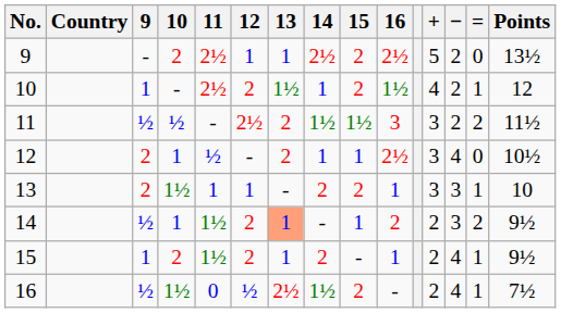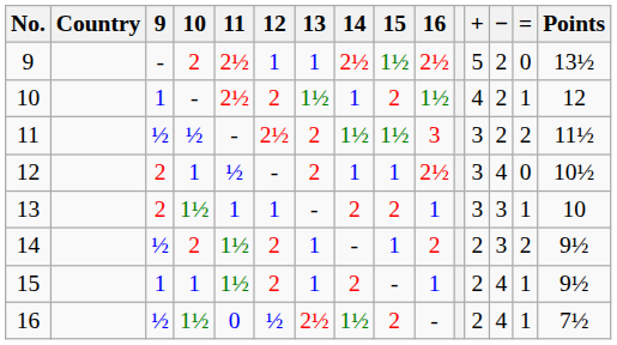 <table class="wikitable" style="text-align:center">
 <tr>
 <th>No.</th>
 <th>Country</th>
 <th>9</th>
 <th>10</th>
 <th>11</th>
 <th>12</th>
 <th>13</th>
 <th>14</th>
 <th>15</th>
 <th>16</th>
 <th></th>
 <th>+</th>
 <th>−</th>
 <th>=</th>
 <th>Points</th>
 </tr>
 <tr>
 <td>9</td>
 <td style="text-align: left"></td>
 <td>-</td>
 <td style="color:red;">2</td>
 <td style="color:red;">2½</td>
 <td style="color:blue;">1</td>
 <td style="color:blue;">1</td>
 <td style="color:red;">2½</td>
-<td style="color:red;">2</td>
+<td style="color:green;">1½</td>
 <td style="color:red;">2½</td>
 <th></th>
 <td>5</td>
 <td>2</td>
 <td>0</td>
 <td>13½</td>
 </tr>
 <tr>
 <td>10</td>
 <td style="text-align: left"></td>
 <td style="color:blue;">1</td>
 <td>-</td>
 <td style="color:red;">2½</td>
 <td style="color:red;">2</td>
 <td style="color:green;">1½</td>
 <td style="color:blue;">1</td>
 <td style="color:red;">2</td>
 <td style="color:green;">1½</td>
 <th></th>
 <td>4</td>
 <td>2</td>
 <td>1</td>
 <td>12</td>
 </tr>
 <tr>
 <td>11</td>
 <td style="text-align: left"></td>
 <td style="color:blue;">½</td>
 <td style="color:blue;">½</td>
 <td>-</td>
 <td style="color:red;">2½</td>
 <td style="color:red;">2</td>
 <td style="color:green;">1½</td>
 <td style="color:green;">1½</td>
 <td style="color:red;">3</td>
 <th></th>
 <td>3</td>
 <td>2</td>
 <td>2</td>
 <td>11½</td>
 </tr>
 <tr>
 <td>12</td>
 <td style="text-align: left"></td>
 <td style="color:red;">2</td>
 <td style="color:blue;">1</td>
 <td style="color:blue;">½</td>
 <td>-</td>
 <td style="color:red;">2</td>
 <td style="color:blue;">1</td>
 <td style="color:blue;">1</td>
 <td style="color:red;">2½</td>
 <th></th>
 <td>3</td>
 <td>4</td>
 <td>0</td>
 <td>10½</td>
 </tr>
 <tr>
 <td>13</td>
 <td style="text-align: left"></td>
 <td style="color:red;">2</td>
 <td style="color:green;">1½</td>
 <td style="color:blue;">1</td>
 <td style="color:blue;">1</td>
 <td>-</td>
 <td style="color:red;">2</td>
 <td style="color:red;">2</td>
 <td style="color:blue;">1</td>
 <th></th>
 <td>3</td>
 <td>3</td>
 <td>1</td>
 <td>10</td>
 </tr>
 <tr>
 <td>14</td>
 <td style="text-align: left"></td>
 <td style="color:blue;">½</td>
-<td style="color:blue;">1</td>
+<td style="color:red;">2</td>
 <td style="color:green;">1½</td>
 <td style="color:red;">2</td>
-<td style="background: lightsalmon; color:blue;">1</td>
+<td style="color:blue;">1</td>
 <td>-</td>
 <td style="color:blue;">1</td>
 <td style="color:red;">2</td>
 <th></th>
 <td>2</td>
 <td>3</td>
 <td>2</td>
 <td>9½</td>
 </tr>
 <tr>
 <td>15</td>
 <td style="text-align: left"></td>
 <td style="color:blue;">1</td>
-<td style="color:red;">2</td>
+<td style="color:blue;">1</td>
 <td style="color:green;">1½</td>
 <td style="color:red;">2</td>
 <td style="color:blue;">1</td>
 <td style="color:red;">2</td>
 <td>-</td>
 <td style="color:blue;">1</td>
 <th></th>
 <td>2</td>
 <td>4</td>
 <td>1</td>
 <td>9½</td>
 </tr>
 <tr>
 <td>16</td>
 <td style="text-align: left"></td>
 <td style="color:blue;">½</td>
 <td style="color:green;">1½</td>
 <td style="color:blue;">0</td>
 <td style="color:blue;">½</td>
 <td style="color:red;">2½</td>
 <td style="color:green;">1½</td>
 <td style="color:red;">2</td>
 <td>-</td>
 <th></th>
 <td>2</td>
 <td>4</td>
 <td>1</td>
 <td>7½</td>
 </tr>
 </table>
